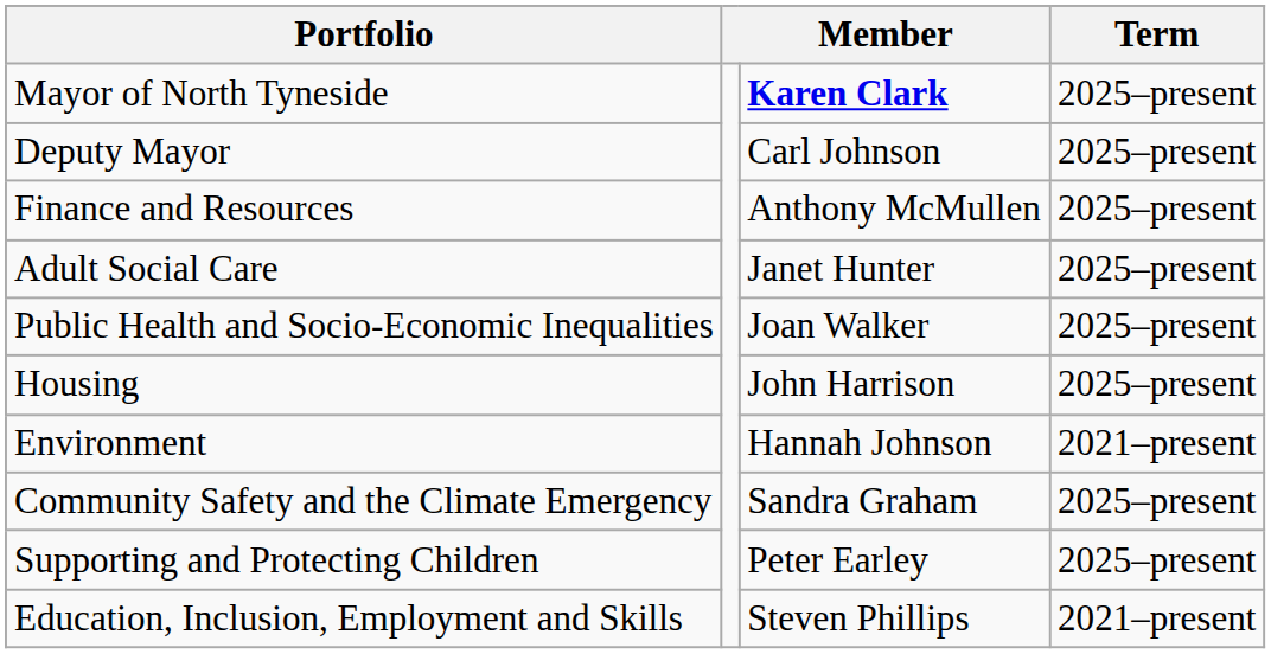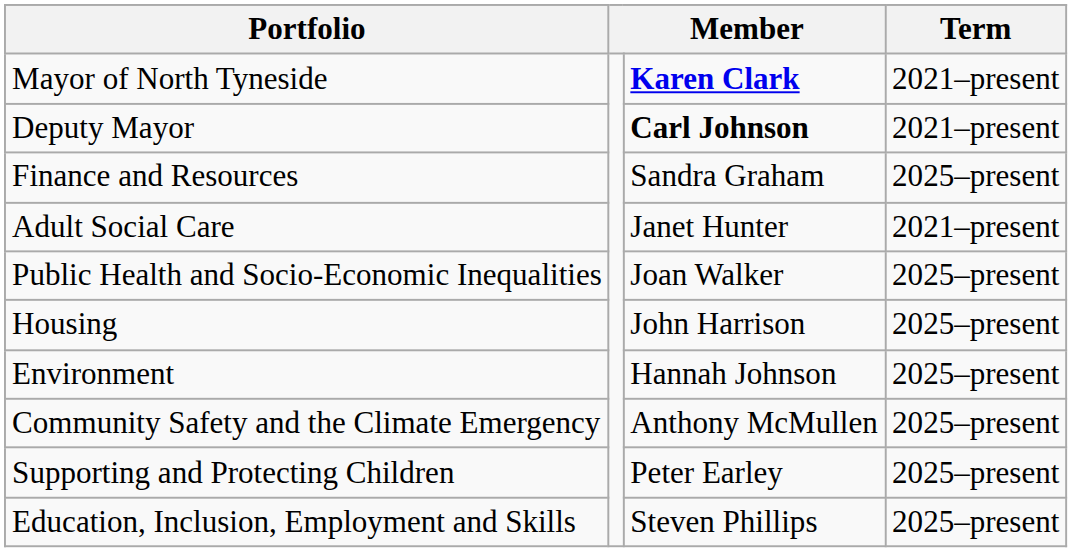 <table class="wikitable mw-collapsible">
 <tr>
 <th>Portfolio</th>
 <th colspan="2">Member</th>
 <th>Term</th>
 </tr>
 <tr>
 <td>Mayor of North Tyneside</td>
 <td rowspan="10" style="background-color: "></td>
 <td><strong><a href='#'>Karen Clark</a></strong></td>
-<td>2025–present</td>
+<td>2021–present</td>
 </tr>
 <tr>
 <td>Deputy Mayor</td>
-<td>Carl Johnson</td>
-<td>2025–present</td>
+<td><strong>Carl Johnson</strong></td>
+<td>2021–present</td>
 </tr>
 <tr>
 <td>Finance and Resources</td>
-<td>Anthony McMullen</td>
+<td>Sandra Graham</td>
 <td>2025–present</td>
 </tr>
 <tr>
 <td>Adult Social Care</td>
 <td>Janet Hunter</td>
-<td>2025–present</td>
+<td>2021–present</td>
 </tr>
 <tr>
 <td>Public Health and Socio-Economic Inequalities</td>
 <td>Joan Walker</td>
 <td>2025–present</td>
 </tr>
 <tr>
 <td>Housing</td>
 <td>John Harrison</td>
 <td>2025–present</td>
 </tr>
 <tr>
 <td>Environment</td>
 <td>Hannah Johnson</td>
-<td>2021–present</td>
+<td>2025–present</td>
 </tr>
 <tr>
 <td>Community Safety and the Climate Emergency</td>
-<td>Sandra Graham</td>
+<td>Anthony McMullen</td>
 <td>2025–present</td>
 </tr>
 <tr>
 <td>Supporting and Protecting Children</td>
 <td>Peter Earley</td>
 <td>2025–present</td>
 </tr>
 <tr>
 <td>Education, Inclusion, Employment and Skills</td>
 <td>Steven Phillips</td>
-<td>2021–present</td>
+<td>2025–present</td>
 </tr>
 </table>
